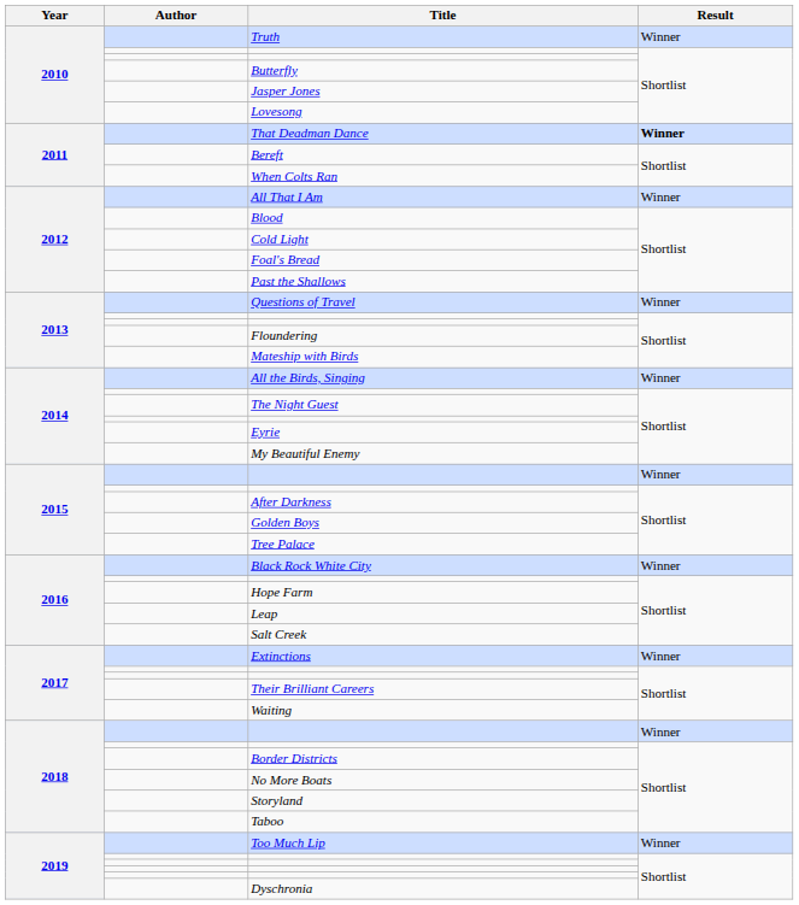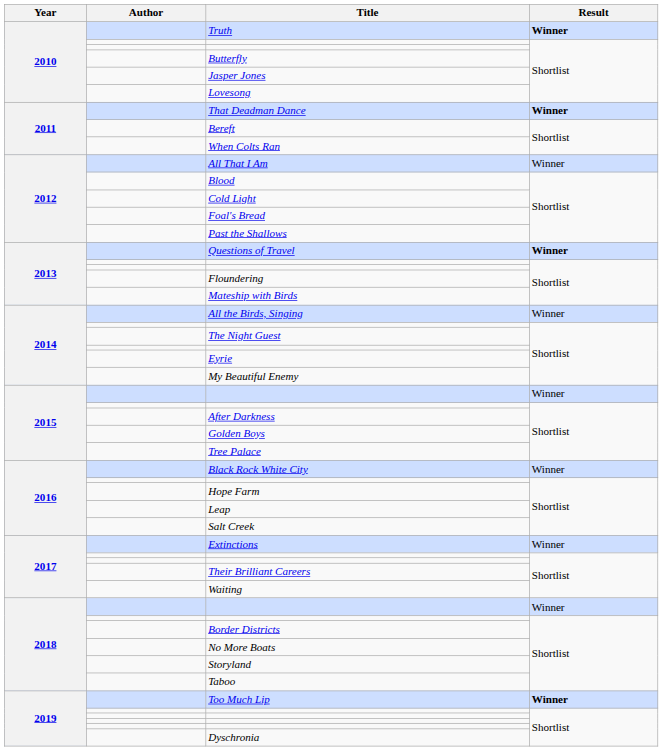 <table class="wikitable sortable mw-collapsible" width="75%">
 <tr>
 <th>Year</th>
 <th>Author</th>
 <th>Title</th>
 <th>Result</th>
 </tr>
 <tr style=background:#cddeff>
 <th rowspan="6"><a href='#'>2010</a></th>
 <td></td>
 <td><em><a href='#'>Truth</a></em></td>
-<td>Winner</td>
+<td><strong>Winner</strong></td>
 </tr>
 <tr>
 <td></td>
 <td><em></em></td>
 <td rowspan="5">Shortlist</td>
 </tr>
 <tr>
 <td></td>
 <td><em></em></td>
 </tr>
 <tr>
 <td></td>
 <td><em><a href='#'>Butterfly</a></em></td>
 </tr>
 <tr>
 <td></td>
 <td><em><a href='#'>Jasper Jones</a></em></td>
 </tr>
 <tr>
 <td></td>
 <td><em><a href='#'>Lovesong</a></em></td>
 </tr>
 <tr style=background:#cddeff>
 <th rowspan="3"><a href='#'>2011</a></th>
 <td></td>
 <td><em><a href='#'>That Deadman Dance</a></em></td>
 <td><strong>Winner</strong></td>
 </tr>
 <tr>
 <td></td>
 <td><em><a href='#'>Bereft</a></em></td>
 <td rowspan="2">Shortlist</td>
 </tr>
 <tr>
 <td></td>
 <td><em><a href='#'>When Colts Ran</a></em></td>
 </tr>
 <tr style=background:#cddeff>
 <th rowspan="5"><a href='#'>2012</a></th>
 <td></td>
 <td><em><a href='#'>All That I Am</a></em></td>
 <td>Winner</td>
 </tr>
 <tr>
 <td></td>
 <td><em><a href='#'>Blood</a></em></td>
 <td rowspan="4">Shortlist</td>
 </tr>
 <tr>
 <td></td>
 <td><em><a href='#'>Cold Light</a></em></td>
 </tr>
 <tr>
 <td></td>
 <td><em><a href='#'>Foal's Bread</a></em></td>
 </tr>
 <tr>
 <td></td>
 <td><em><a href='#'>Past the Shallows</a></em></td>
 </tr>
 <tr style=background:#cddeff>
 <th rowspan="5"><a href='#'>2013</a></th>
 <td></td>
 <td><em><a href='#'>Questions of Travel</a></em></td>
-<td>Winner</td>
+<td><strong>Winner</strong></td>
 </tr>
 <tr>
 <td></td>
 <td><em></em></td>
 <td rowspan="4">Shortlist</td>
 </tr>
 <tr>
 <td></td>
 <td><em></em></td>
 </tr>
 <tr>
 <td></td>
 <td><em>Floundering</em></td>
 </tr>
 <tr>
 <td></td>
 <td><em><a href='#'>Mateship with Birds</a></em></td>
 </tr>
 <tr style=background:#cddeff>
 <th rowspan="6"><a href='#'>2014</a></th>
 <td></td>
 <td><em><a href='#'>All the Birds, Singing</a></em></td>
 <td>Winner</td>
 </tr>
 <tr>
 <td></td>
 <td><em></em></td>
 <td rowspan="5">Shortlist</td>
 </tr>
 <tr>
 <td></td>
 <td><em><a href='#'>The Night Guest</a></em></td>
 </tr>
 <tr>
 <td></td>
 <td><em></em></td>
 </tr>
 <tr>
 <td></td>
 <td><em><a href='#'>Eyrie</a></em></td>
 </tr>
 <tr>
 <td></td>
 <td><em>My Beautiful Enemy</em></td>
 </tr>
 <tr style=background:#cddeff>
 <th rowspan="5"><a href='#'>2015</a></th>
 <td></td>
 <td><em></em></td>
 <td>Winner</td>
 </tr>
 <tr>
 <td></td>
 <td><em></em></td>
 <td rowspan="4">Shortlist</td>
 </tr>
 <tr>
 <td></td>
 <td><em><a href='#'>After Darkness</a></em></td>
 </tr>
 <tr>
 <td></td>
 <td><em><a href='#'>Golden Boys</a></em></td>
 </tr>
 <tr>
 <td></td>
 <td><em><a href='#'>Tree Palace</a></em></td>
 </tr>
 <tr style=background:#cddeff>
 <th rowspan="5"><a href='#'>2016</a></th>
 <td></td>
 <td><em><a href='#'>Black Rock White City</a></em></td>
 <td>Winner</td>
 </tr>
 <tr>
 <td></td>
 <td><em></em></td>
 <td rowspan="4">Shortlist</td>
 </tr>
 <tr>
 <td></td>
 <td><em>Hope Farm</em></td>
 </tr>
 <tr>
 <td></td>
 <td><em>Leap</em></td>
 </tr>
 <tr>
 <td></td>
 <td><em>Salt Creek</em></td>
 </tr>
 <tr style=background:#cddeff>
 <th rowspan="5"><a href='#'>2017</a></th>
 <td></td>
 <td><em><a href='#'>Extinctions</a></em></td>
 <td>Winner</td>
 </tr>
 <tr>
 <td></td>
 <td><em></em></td>
 <td rowspan="4">Shortlist</td>
 </tr>
 <tr>
 <td></td>
 <td><em></em></td>
 </tr>
 <tr>
 <td></td>
 <td><em><a href='#'>Their Brilliant Careers</a></em></td>
 </tr>
 <tr>
 <td></td>
 <td><em>Waiting</em></td>
 </tr>
 <tr style=background:#cddeff>
 <th rowspan="6"><a href='#'>2018</a></th>
 <td></td>
 <td><em></em></td>
 <td>Winner</td>
 </tr>
 <tr>
 <td></td>
 <td><em></em></td>
 <td rowspan="5">Shortlist</td>
 </tr>
 <tr>
 <td></td>
 <td><em><a href='#'>Border Districts</a></em></td>
 </tr>
 <tr>
 <td></td>
 <td><em>No More Boats</em></td>
 </tr>
 <tr>
 <td></td>
 <td><em>Storyland</em></td>
 </tr>
 <tr>
 <td></td>
 <td><em>Taboo</em></td>
 </tr>
 <tr style=background:#cddeff>
 <th rowspan="6"><a href='#'>2019</a></th>
 <td></td>
 <td><em><a href='#'>Too Much Lip</a></em></td>
-<td>Winner</td>
+<td><strong>Winner</strong></td>
 </tr>
 <tr>
 <td></td>
 <td><em></em></td>
 <td rowspan="5">Shortlist</td>
 </tr>
 <tr>
 <td></td>
 <td><em></em></td>
 </tr>
 <tr>
 <td></td>
 <td><em></em></td>
 </tr>
 <tr>
 <td></td>
 <td><em></em></td>
 </tr>
 <tr>
 <td></td>
 <td><em>Dyschronia</em></td>
 </tr>
 </table>
